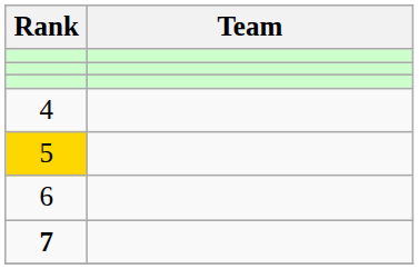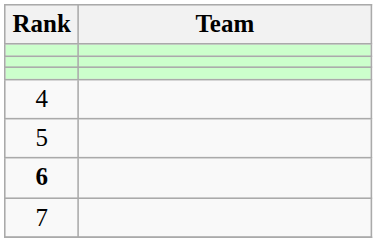 <table class="wikitable" style="text-align: center;">
 <tr>
 <th width=40>Rank</th>
 <th width=180>Team</th>
 </tr>
 <tr align=center; bgcolor=#ccffcc>
 <td></td>
 <td style="text-align:left;"></td>
 </tr>
 <tr align=center; bgcolor=#ccffcc>
 <td></td>
 <td style="text-align:left;"></td>
 </tr>
 <tr align=center; bgcolor=#ccffcc>
 <td></td>
 <td style="text-align:left;"></td>
 </tr>
 <tr align=center>
 <td>4</td>
 <td style="text-align:left;"></td>
 </tr>
 <tr align=center>
-<td style="background: gold;">5</td>
+<td>5</td>
 <td style="text-align:left;"></td>
 </tr>
 <tr align=center>
-<td>6</td>
+<td><strong>6</strong></td>
 <td style="text-align:left;"></td>
 </tr>
 <tr align=center>
-<td><strong>7</strong></td>
+<td>7</td>
 <td style="text-align:left;"></td>
 </tr>
 <tr align=center>
 </tr>
 </table>
